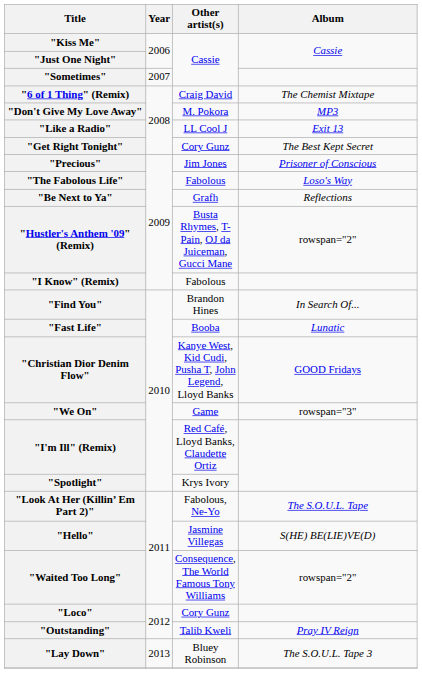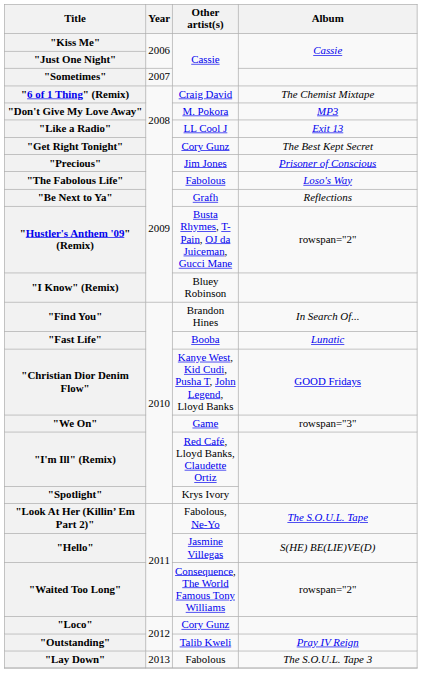 <table class="wikitable plainrowheaders" style="text-align:center;" border="1">
 <tr>
 <th scope="col" style="width:15em;">Title</th>
 <th scope="col">Year</th>
 <th scope="col">Other artist(s)</th>
 <th scope="col" style="width:20em;">Album</th>
 </tr>
 <tr>
 <th scope="row">"Kiss Me"</th>
 <td rowspan="2">2006</td>
 <td rowspan="3"><a href='#'>Cassie</a></td>
 <td rowspan="2"><em><a href='#'>Cassie</a></em></td>
 </tr>
 <tr>
 <th scope="row">"Just One Night"</th>
 </tr>
 <tr>
 <th scope="row">"Sometimes"</th>
 <td rowspan="1">2007</td>
 <td></td>
 </tr>
 <tr>
 <th scope="row">"<a href='#'>6 of 1 Thing</a>" (Remix)</th>
 <td rowspan="4">2008</td>
 <td><a href='#'>Craig David</a></td>
 <td><em>The Chemist Mixtape</em></td>
 </tr>
 <tr>
 <th scope="row">"Don't Give My Love Away"</th>
 <td><a href='#'>M. Pokora</a></td>
 <td><em><a href='#'>MP3</a></em></td>
 </tr>
 <tr>
 <th scope="row">"Like a Radio"</th>
 <td><a href='#'>LL Cool J</a></td>
 <td><em><a href='#'>Exit 13</a></em></td>
 </tr>
 <tr>
 <th scope="row">"Get Right Tonight"</th>
 <td><a href='#'>Cory Gunz</a></td>
 <td><em>The Best Kept Secret</em></td>
 </tr>
 <tr>
 <th scope="row">"Precious"</th>
 <td rowspan="5">2009</td>
 <td><a href='#'>Jim Jones</a></td>
 <td><em><a href='#'>Prisoner of Conscious</a></em></td>
 </tr>
 <tr>
 <th scope="row">"The Fabolous Life"</th>
 <td><a href='#'>Fabolous</a></td>
 <td><em><a href='#'>Loso's Way</a></em></td>
 </tr>
 <tr>
 <th scope="row">"Be Next to Ya"</th>
 <td><a href='#'>Grafh</a></td>
 <td><em>Reflections</em></td>
 </tr>
 <tr>
 <th scope="row">"<a href='#'>Hustler's Anthem '09</a>" (Remix)</th>
 <td><a href='#'>Busta Rhymes</a>, <a href='#'>T-Pain</a>, <a href='#'>OJ da Juiceman</a>, <a href='#'>Gucci Mane</a></td>
 <td>rowspan="2" </td>
 </tr>
 <tr>
 <th scope="row">"I Know" (Remix)</th>
-<td>Fabolous</td>
+<td>Bluey Robinson</td>
 </tr>
 <tr>
 <th scope="row">"Find You"</th>
 <td rowspan="6">2010</td>
 <td>Brandon Hines</td>
 <td><em>In Search Of...</em></td>
 </tr>
 <tr>
 <th scope="row">"Fast Life"</th>
 <td><a href='#'>Booba</a></td>
 <td><em><a href='#'>Lunatic</a></em></td>
 </tr>
 <tr>
 <th scope="row">"Christian Dior Denim Flow"</th>
 <td><a href='#'>Kanye West</a>, <a href='#'>Kid Cudi</a>, <a href='#'>Pusha T</a>, <a href='#'>John Legend</a>, Lloyd Banks</td>
 <td><a href='#'>GOOD Fridays</a></td>
 </tr>
 <tr>
 <th scope="row">"We On"</th>
 <td><a href='#'>Game</a></td>
 <td>rowspan="3" </td>
 </tr>
 <tr>
 <th scope="row">"I'm Ill" (Remix)</th>
 <td><a href='#'>Red Café</a>, Lloyd Banks, <a href='#'>Claudette Ortiz</a></td>
 </tr>
 <tr>
 <th scope="row">"Spotlight"</th>
 <td>Krys Ivory</td>
 </tr>
 <tr>
 <th scope="row">"Look At Her (Killin’ Em Part 2)"</th>
 <td rowspan="3">2011</td>
 <td>Fabolous, <a href='#'>Ne-Yo</a></td>
 <td><em><a href='#'>The S.O.U.L. Tape</a></em></td>
 </tr>
 <tr>
 <th scope="row">"Hello"</th>
 <td><a href='#'>Jasmine Villegas</a></td>
 <td><em>S(HE) BE(LIE)VE(D)</em></td>
 </tr>
 <tr>
 <th scope="row">"Waited Too Long"</th>
 <td><a href='#'>Consequence</a>, <a href='#'>The World Famous Tony Williams</a></td>
 <td>rowspan="2" </td>
 </tr>
 <tr>
 <th scope="row">"Loco"</th>
 <td rowspan="2">2012</td>
 <td><a href='#'>Cory Gunz</a></td>
 </tr>
 <tr>
 <th scope="row">"Outstanding"</th>
 <td><a href='#'>Talib Kweli</a></td>
 <td><em><a href='#'>Pray IV Reign</a></em></td>
 </tr>
 <tr>
 <th scope="row">"Lay Down"</th>
 <td rowspan="1">2013</td>
-<td>Bluey Robinson</td>
+<td>Fabolous</td>
 <td><em>The S.O.U.L. Tape 3</em></td>
 </tr>
 <tr>
 </tr>
 </table>
